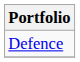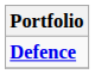 <table class="wikitable">
 <tr>
 <th>Portfolio</th>
 </tr>
 <tr>
-<td><a href='#'>Defence</a></td>
+<td><strong><a href='#'>Defence</a></strong></td>
 </tr>
 <tr>
 </tr>
 </table>
